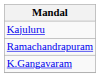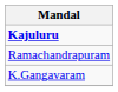 <table class="wikitable sortable static-row-numbers static-row-header-hash">
 <tr>
 <th>Mandal</th>
 </tr>
 <tr>
-<td><a href='#'>Kajuluru</a></td>
+<td><strong><a href='#'>Kajuluru</a></strong></td>
 </tr>
 <tr>
 <td><a href='#'>Ramachandrapuram</a></td>
 </tr>
 <tr>
 <td><a href='#'>K.Gangavaram</a></td>
 </tr>
 <tr>
 </tr>
 </table>
